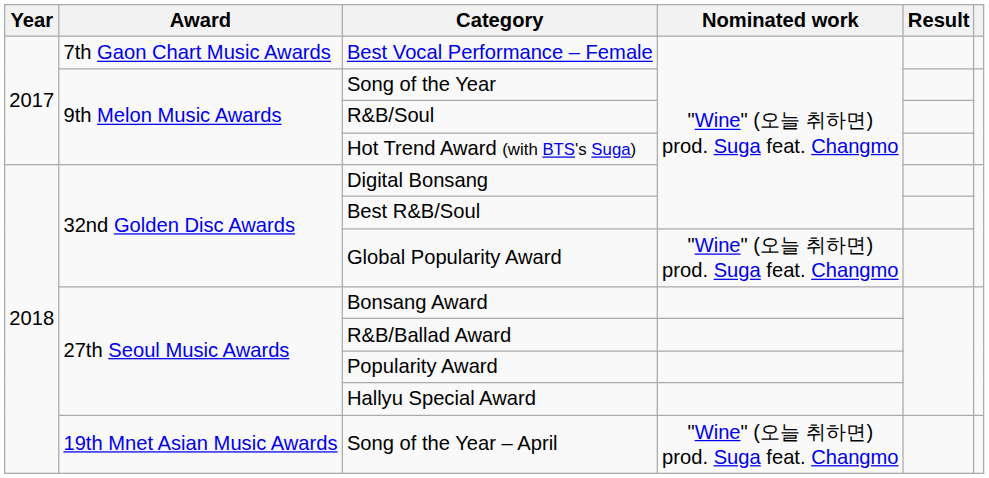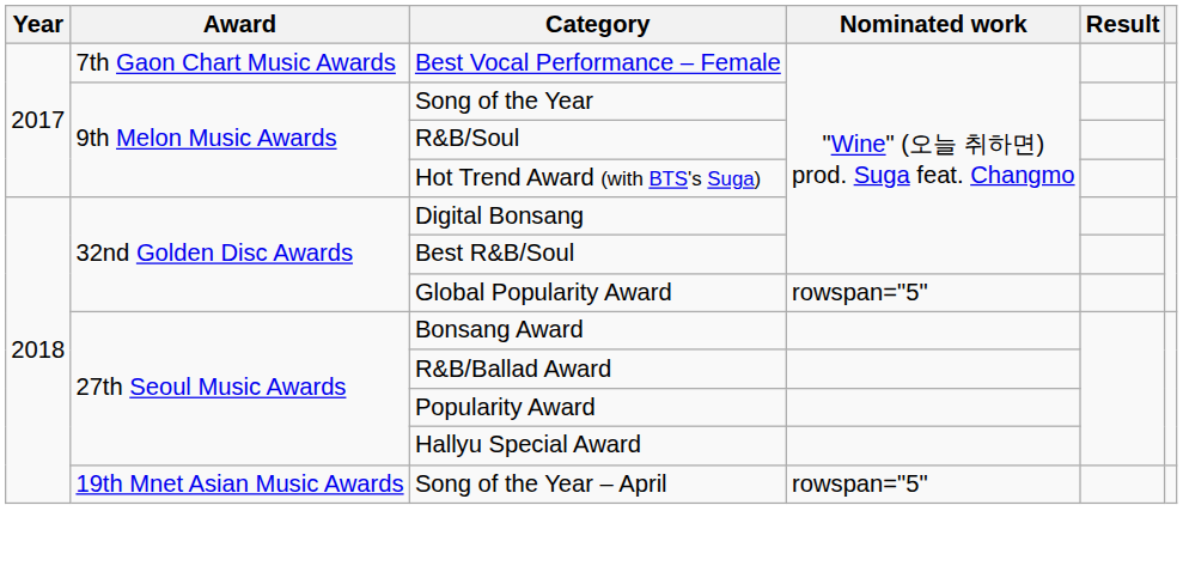 <table class="wikitable">
 <tr>
 <th>Year</th>
 <th>Award</th>
 <th>Category</th>
 <th>Nominated work</th>
 <th>Result</th>
 <th class="unsortable"></th>
 </tr>
 <tr>
 <td rowspan="4">2017</td>
 <td>7th <a href='#'>Gaon Chart Music Awards</a></td>
 <td><a href='#'>Best Vocal Performance – Female</a></td>
 <td rowspan="6" align="center">"<a href='#'>Wine</a>" (오늘 취하면)<br>prod. <a href='#'>Suga</a> feat. <a href='#'>Changmo</a></td>
 <td></td>
 <td></td>
 </tr>
 <tr>
 <td rowspan="3">9th <a href='#'>Melon Music Awards</a></td>
 <td>Song of the Year</td>
 <td></td>
 <td rowspan="3"></td>
 </tr>
 <tr>
 <td>R&B/Soul</td>
 <td></td>
 </tr>
 <tr>
 <td>Hot Trend Award <small>(with <a href='#'>BTS</a>'s <a href='#'>Suga</a>)</small></td>
 <td></td>
 </tr>
 <tr>
 <td rowspan="8">2018</td>
 <td rowspan="3">32nd <a href='#'>Golden Disc Awards</a></td>
 <td>Digital Bonsang</td>
 <td></td>
 <td rowspan="3"></td>
 </tr>
 <tr>
 <td>Best R&B/Soul</td>
 <td></td>
 </tr>
 <tr>
 <td>Global Popularity Award</td>
-<td align="center">"<a href='#'>Wine</a>" (오늘 취하면)<br>prod. <a href='#'>Suga</a> feat. <a href='#'>Changmo</a></td>
+<td>rowspan="5" </td>
 <td></td>
 </tr>
 <tr>
 <td rowspan="4">27th <a href='#'>Seoul Music Awards</a></td>
 <td>Bonsang Award</td>
 <td></td>
 <td rowspan="4"></td>
 </tr>
 <tr>
 <td>R&B/Ballad Award</td>
 <td></td>
 </tr>
 <tr>
 <td>Popularity Award</td>
 <td></td>
 </tr>
 <tr>
 <td>Hallyu Special Award</td>
 <td></td>
 </tr>
 <tr>
 <td><a href='#'>19th Mnet Asian Music Awards</a></td>
 <td>Song of the Year – April</td>
-<td align="center">"<a href='#'>Wine</a>" (오늘 취하면)<br>prod. <a href='#'>Suga</a> feat. <a href='#'>Changmo</a></td>
+<td>rowspan="5" </td>
 <td></td>
 <td></td>
 </tr>
 </table>
